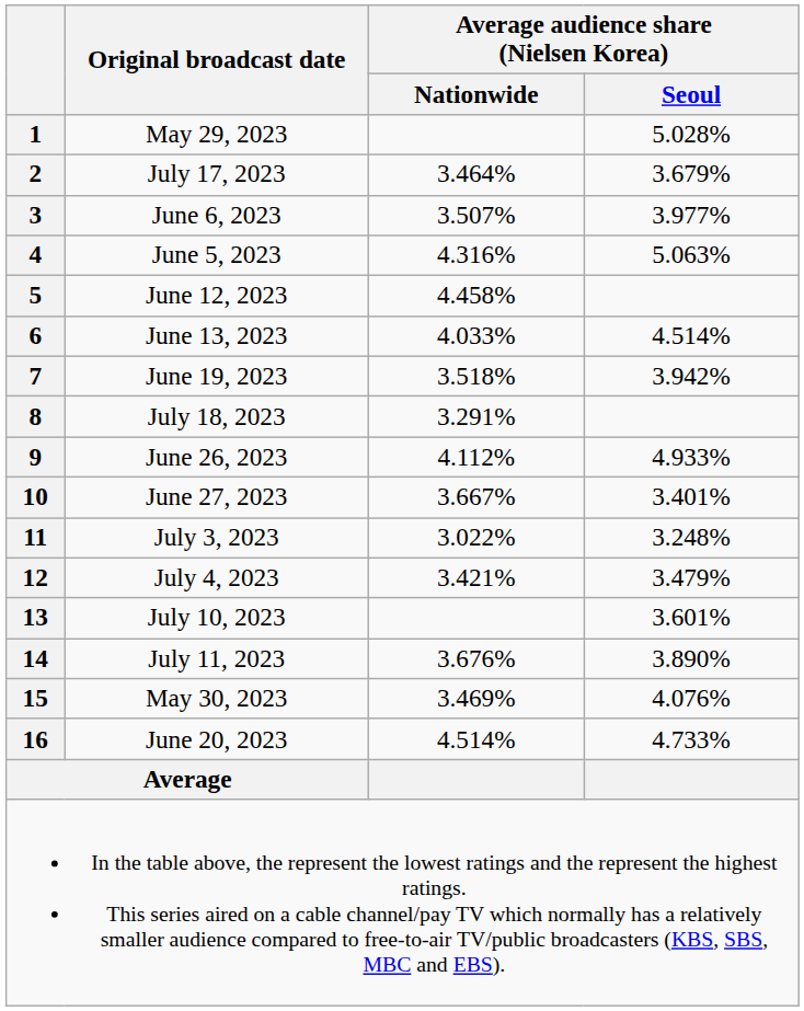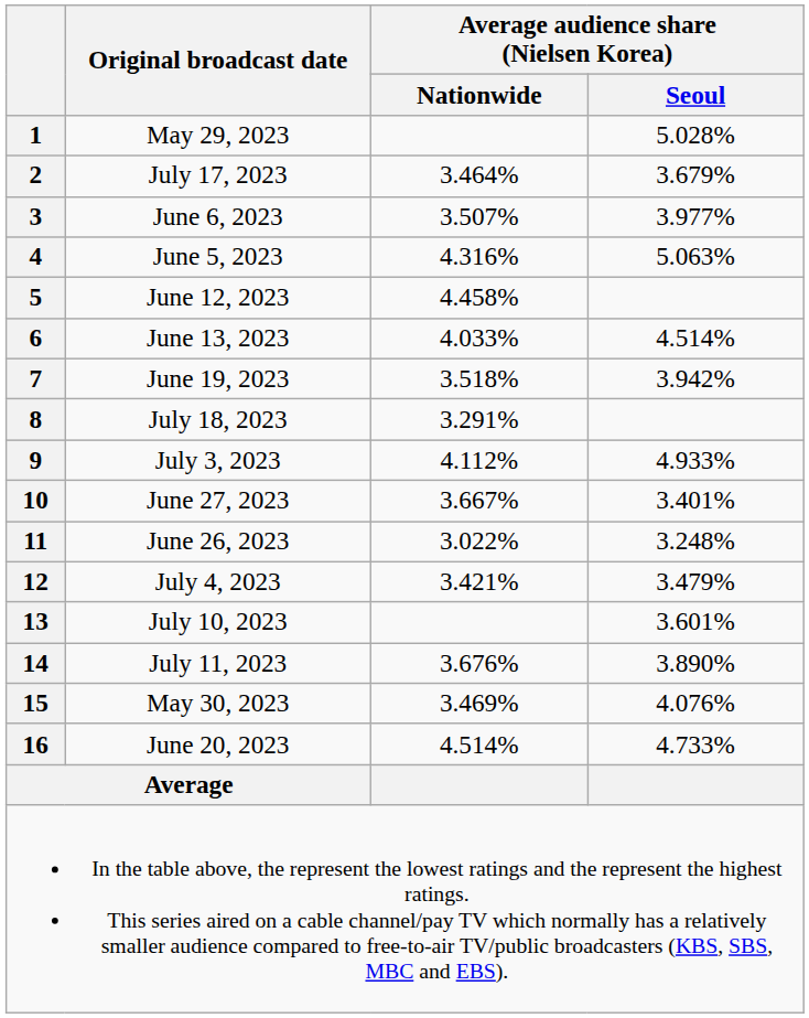 <table class="wikitable" style="margin-left:auto; margin-right:auto; width:500px; text-align:center">
 <tr>
 <th scope="col" rowspan="2"></th>
 <th scope="col" rowspan="2">Original broadcast date</th>
 <th scope="col" colspan="2">Average audience share<br>(Nielsen Korea)</th>
 </tr>
 <tr>
 <th scope="col" style="width:8em">Nationwide</th>
 <th scope="col" style="width:8em"><a href='#'>Seoul</a></th>
 </tr>
 <tr>
 <th scope="row">1</th>
 <td>May 29, 2023</td>
 <td><strong></strong> </td>
 <td>5.028% </td>
 </tr>
 <tr>
 <th scope="row">2</th>
 <td>July 17, 2023</td>
 <td>3.464% </td>
 <td>3.679% </td>
 </tr>
 <tr>
 <th scope="row">3</th>
 <td>June 6, 2023</td>
 <td>3.507% </td>
 <td>3.977% </td>
 </tr>
 <tr>
 <th scope="row">4</th>
 <td>June 5, 2023</td>
 <td>4.316% </td>
 <td>5.063% </td>
 </tr>
 <tr>
 <th scope="row">5</th>
 <td>June 12, 2023</td>
 <td>4.458% </td>
 <td><strong></strong> </td>
 </tr>
 <tr>
 <th scope="row">6</th>
 <td>June 13, 2023</td>
 <td>4.033% </td>
 <td>4.514% </td>
 </tr>
 <tr>
 <th scope="row">7</th>
 <td>June 19, 2023</td>
 <td>3.518% </td>
 <td>3.942% </td>
 </tr>
 <tr>
 <th scope="row">8</th>
 <td>July 18, 2023</td>
 <td>3.291% </td>
 <td><strong></strong> </td>
 </tr>
 <tr>
 <th scope="row">9</th>
-<td>June 26, 2023</td>
+<td>July 3, 2023</td>
 <td>4.112% </td>
 <td>4.933% </td>
 </tr>
 <tr>
 <th scope="row">10</th>
 <td>June 27, 2023</td>
 <td>3.667% </td>
 <td>3.401% </td>
 </tr>
 <tr>
 <th scope="row">11</th>
-<td>July 3, 2023</td>
+<td>June 26, 2023</td>
 <td>3.022% </td>
 <td>3.248% </td>
 </tr>
 <tr>
 <th scope="row">12</th>
 <td>July 4, 2023</td>
 <td>3.421% </td>
 <td>3.479% </td>
 </tr>
 <tr>
 <th scope="row">13</th>
 <td>July 10, 2023</td>
 <td><strong></strong> </td>
 <td>3.601% </td>
 </tr>
 <tr>
 <th scope="row">14</th>
 <td>July 11, 2023</td>
 <td>3.676% </td>
 <td>3.890% </td>
 </tr>
 <tr>
 <th scope="row">15</th>
 <td>May 30, 2023</td>
 <td>3.469% </td>
 <td>4.076% </td>
 </tr>
 <tr>
 <th scope="row">16</th>
 <td>June 20, 2023</td>
 <td>4.514% </td>
 <td>4.733% </td>
 </tr>
 <tr>
 <th colspan="2">Average</th>
 <th></th>
 <th></th>
 </tr>
 <tr>
 <td colspan="4" style="font-size:85%"><br><ul><li>In the table above, the <strong></strong> represent the lowest ratings and the <strong></strong> represent the highest ratings.</li><li>This series aired on a cable channel/pay TV which normally has a relatively smaller audience compared to free-to-air TV/public broadcasters (<a href='#'>KBS</a>, <a href='#'>SBS</a>, <a href='#'>MBC</a> and <a href='#'>EBS</a>).</li></ul></td>
 </tr>
 </table>
